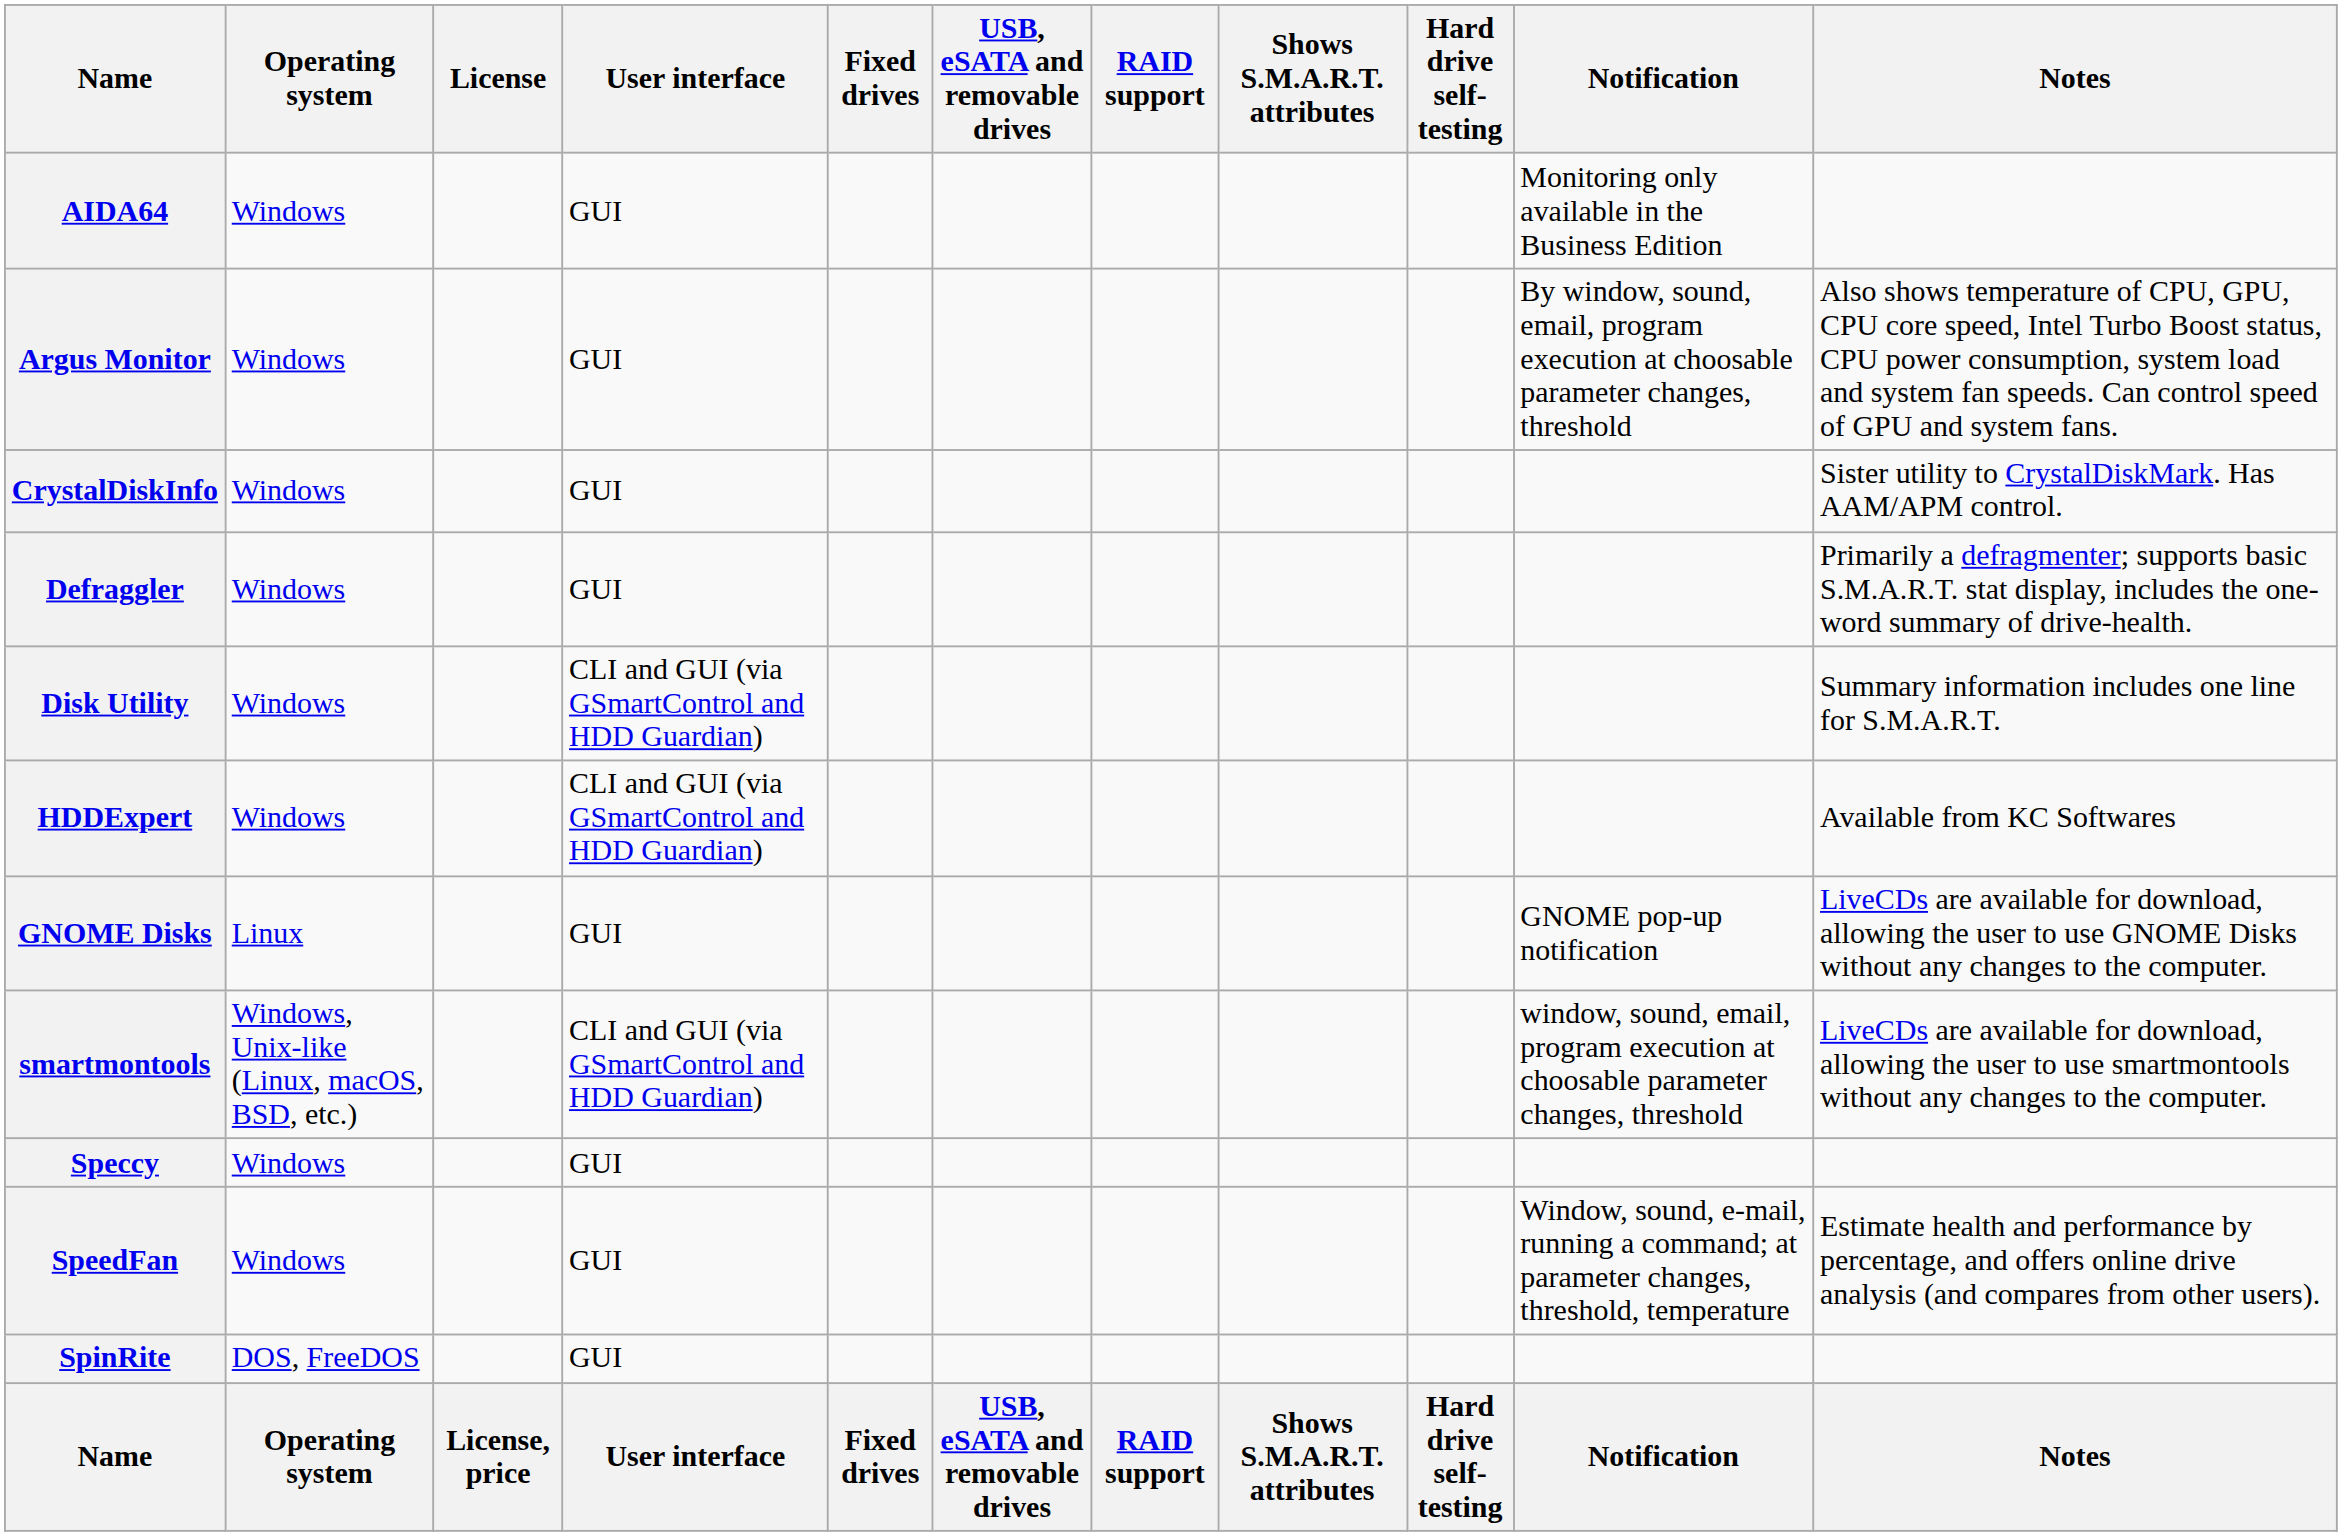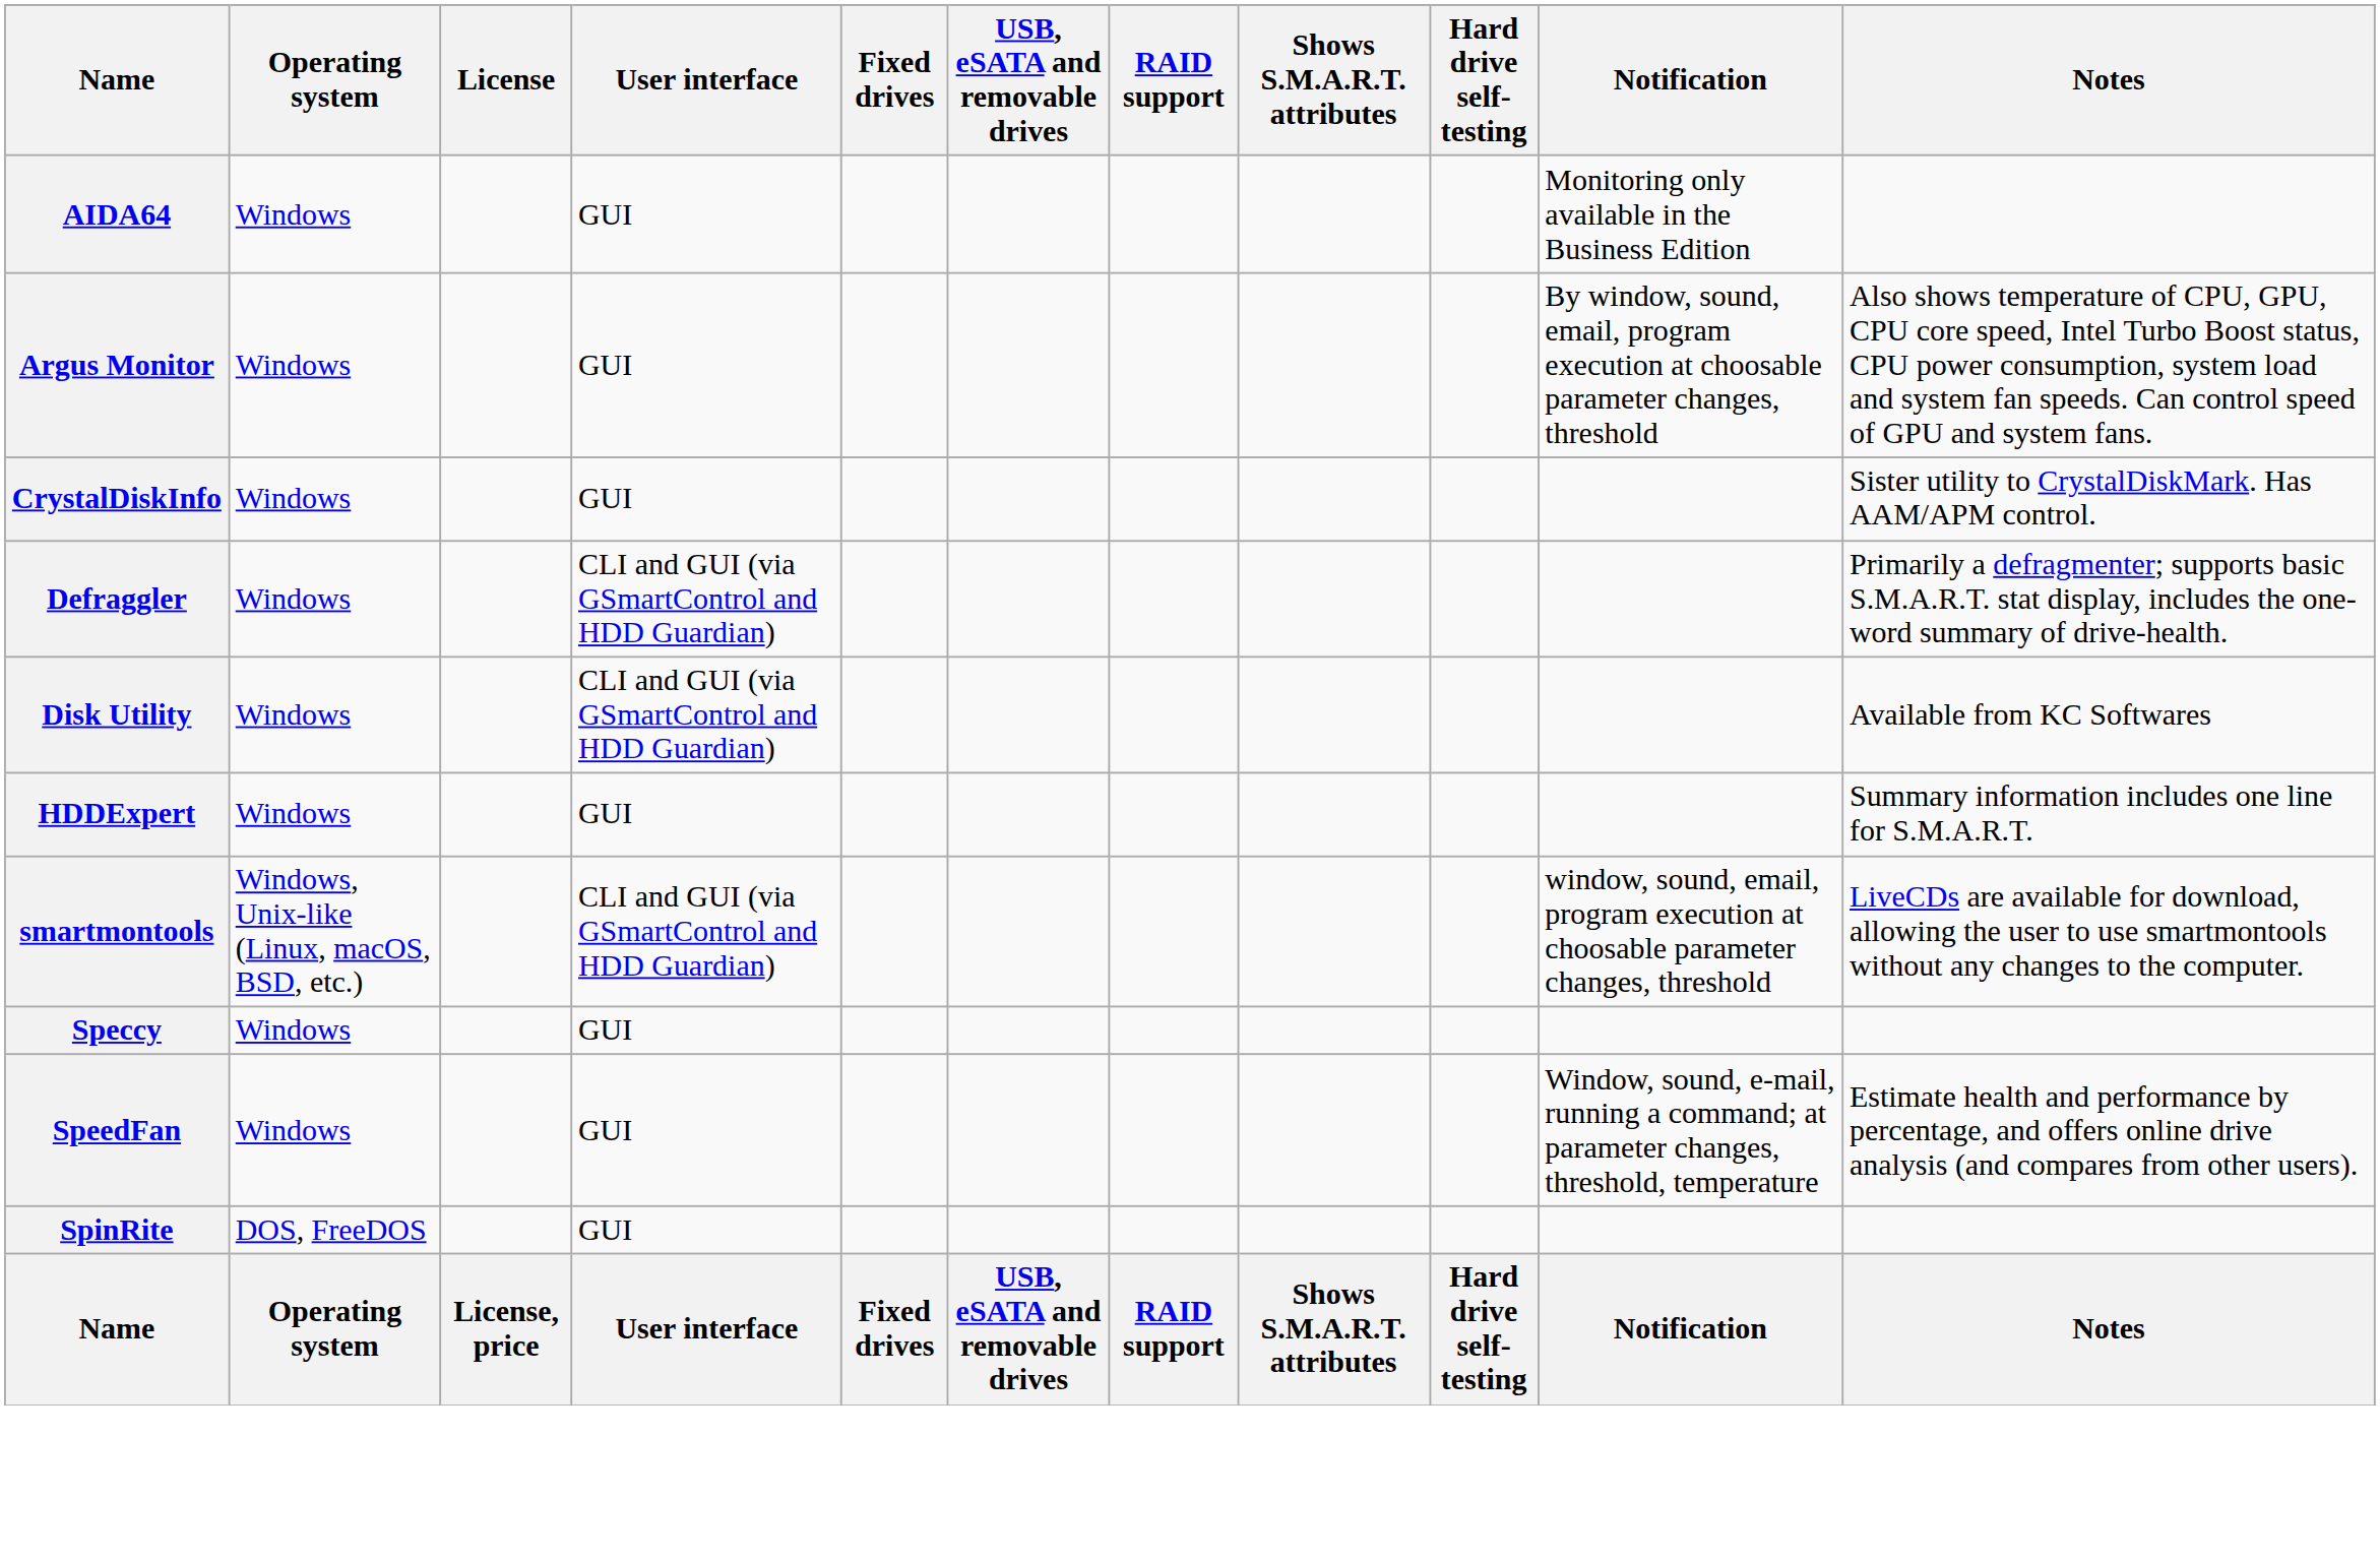 <table class="wikitable sortable ">
 <tr>
 <th scope="col">Name</th>
 <th scope="col">Operating system</th>
 <th scope="col">License</th>
 <th scope="col">User interface</th>
 <th scope="col">Fixed drives</th>
 <th scope="col"><a href='#'>USB</a>, <a href='#'>eSATA</a> and<br>removable drives</th>
 <th scope="col"><a href='#'>RAID</a> support</th>
 <th scope="col">Shows S.M.A.R.T. attributes</th>
 <th scope="col">Hard drive<br>self-testing</th>
 <th scope="col">Notification</th>
 <th scope="col">Notes</th>
 </tr>
 <tr>
 <th scope="row"><a href='#'>AIDA64</a></th>
 <td><a href='#'>Windows</a></td>
 <td></td>
 <td>GUI</td>
 <td></td>
 <td></td>
 <td></td>
 <td></td>
 <td></td>
 <td> Monitoring only available in the Business Edition</td>
 <td></td>
 </tr>
 <tr>
 <th scope="row"><a href='#'>Argus Monitor</a></th>
 <td><a href='#'>Windows</a></td>
 <td></td>
 <td>GUI</td>
 <td></td>
 <td></td>
 <td></td>
 <td></td>
 <td></td>
 <td> By window, sound, email, program execution at choosable parameter changes, threshold</td>
 <td>Also shows temperature of CPU, GPU, CPU core speed, Intel Turbo Boost status, CPU power consumption, system load and system fan speeds. Can control speed of GPU and system fans.</td>
 </tr>
 <tr>
 <th scope="row"><a href='#'>CrystalDiskInfo</a></th>
 <td><a href='#'>Windows</a></td>
 <td></td>
 <td>GUI</td>
 <td></td>
 <td></td>
 <td></td>
 <td></td>
 <td></td>
 <td></td>
 <td>Sister utility to <a href='#'>CrystalDiskMark</a>. Has AAM/APM control.</td>
 </tr>
 <tr>
 <th scope="row"><a href='#'>Defraggler</a></th>
 <td><a href='#'>Windows</a></td>
 <td></td>
-<td>GUI</td>
+<td>CLI and GUI (via <a href='#'>GSmartControl and HDD Guardian</a>)</td>
 <td></td>
 <td></td>
 <td></td>
 <td></td>
 <td></td>
 <td></td>
 <td>Primarily a <a href='#'>defragmenter</a>; supports basic S.M.A.R.T. stat display, includes the one-word summary of drive-health.</td>
 </tr>
 <tr>
 <th scope="row"><a href='#'>Disk Utility</a></th>
 <td><a href='#'>Windows</a></td>
 <td></td>
 <td>CLI and GUI (via <a href='#'>GSmartControl and HDD Guardian</a>)</td>
 <td></td>
 <td></td>
 <td></td>
 <td></td>
 <td></td>
 <td></td>
-<td>Summary information includes one line for S.M.A.R.T.</td>
+<td>Available from KC Softwares</td>
 </tr>
 <tr>
 <th scope="row"><a href='#'>HDDExpert</a></th>
 <td><a href='#'>Windows</a></td>
-<td></td>
-<td>CLI and GUI (via <a href='#'>GSmartControl and HDD Guardian</a>)</td>
-<td></td>
-<td></td>
-<td></td>
-<td></td>
-<td></td>
-<td></td>
-<td>Available from KC Softwares</td>
-</tr>
-<tr>
-<th scope="row"><a href='#'>GNOME Disks</a></th>
-<td><a href='#'>Linux</a></td>
 <td></td>
 <td>GUI</td>
 <td></td>
 <td></td>
 <td></td>
 <td></td>
 <td></td>
-<td> GNOME pop-up notification</td>
-<td><a href='#'>LiveCDs</a> are available for download, allowing the user to use GNOME Disks without any changes to the computer.</td>
+<td></td>
+<td>Summary information includes one line for S.M.A.R.T.</td>
 </tr>
 <tr>
 <th scope="row"><a href='#'>smartmontools</a></th>
 <td><a href='#'>Windows</a>, <a href='#'>Unix-like</a> (<a href='#'>Linux</a>, <a href='#'>macOS</a>, <a href='#'>BSD</a>, etc.)</td>
 <td></td>
 <td>CLI and GUI (via <a href='#'>GSmartControl and HDD Guardian</a>)</td>
 <td></td>
 <td></td>
 <td></td>
 <td></td>
 <td></td>
 <td> window, sound, email, program execution at choosable parameter changes, threshold</td>
 <td><a href='#'>LiveCDs</a> are available for download, allowing the user to use smartmontools without any changes to the computer.</td>
 </tr>
 <tr>
 <th scope="row"><a href='#'>Speccy</a></th>
 <td><a href='#'>Windows</a></td>
 <td></td>
 <td>GUI</td>
 <td></td>
 <td></td>
 <td></td>
 <td></td>
 <td></td>
 <td></td>
 <td></td>
 </tr>
 <tr>
 <th scope="row"><a href='#'>SpeedFan</a></th>
 <td><a href='#'>Windows</a></td>
 <td></td>
 <td>GUI</td>
 <td></td>
 <td></td>
 <td></td>
 <td></td>
 <td></td>
 <td> Window, sound, e-mail, running a command; at parameter changes, threshold, temperature</td>
 <td>Estimate health and performance by percentage, and offers online drive analysis (and compares from other users).</td>
 </tr>
 <tr>
 <th scope="row"><a href='#'>SpinRite</a></th>
 <td><a href='#'>DOS</a>, <a href='#'>FreeDOS</a></td>
 <td></td>
 <td>GUI</td>
 <td></td>
 <td></td>
 <td></td>
 <td></td>
 <td></td>
 <td></td>
 <td></td>
 </tr>
 <tr>
 <th scope="col">Name</th>
 <th scope="col">Operating system</th>
 <th scope="col">License, price</th>
 <th scope="col">User interface</th>
 <th scope="col">Fixed drives</th>
 <th scope="col"><a href='#'>USB</a>, <a href='#'>eSATA</a> and<br>removable drives</th>
 <th scope="col"><a href='#'>RAID</a> support</th>
 <th scope="col">Shows S.M.A.R.T. attributes</th>
 <th scope="col">Hard drive<br>self-testing</th>
 <th scope="col">Notification</th>
 <th scope="col">Notes</th>
 </tr>
 </table>
